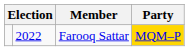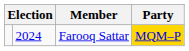 <table class="wikitable">
 <tr>
 <th colspan="2">Election</th>
 <th>Member</th>
 <th>Party</th>
 </tr>
 <tr>
 <td style="background-color: "></td>
-<td><a href='#'>2022</a></td>
+<td><a href='#'>2024</a></td>
 <td><a href='#'>Farooq Sattar</a></td>
 <td style="background: gold;"><a href='#'>MQM–P</a></td>
 </tr>
 </table>
